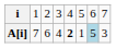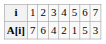 <table class="wikitable">
 <tr>
 <th>i</th>
 <td>1</td>
 <td>2</td>
 <td>3</td>
 <td>4</td>
 <td>5</td>
 <td>6</td>
 <td>7</td>
 </tr>
 <tr>
 <th>A[i]</th>
 <td>7</td>
 <td>6</td>
 <td>4</td>
-<td><strong>2</strong></td>
+<td>2</td>
 <td>1</td>
-<td style="background: lightblue;">5</td>
+<td>5</td>
 <td>3</td>
 </tr>
 </table>
